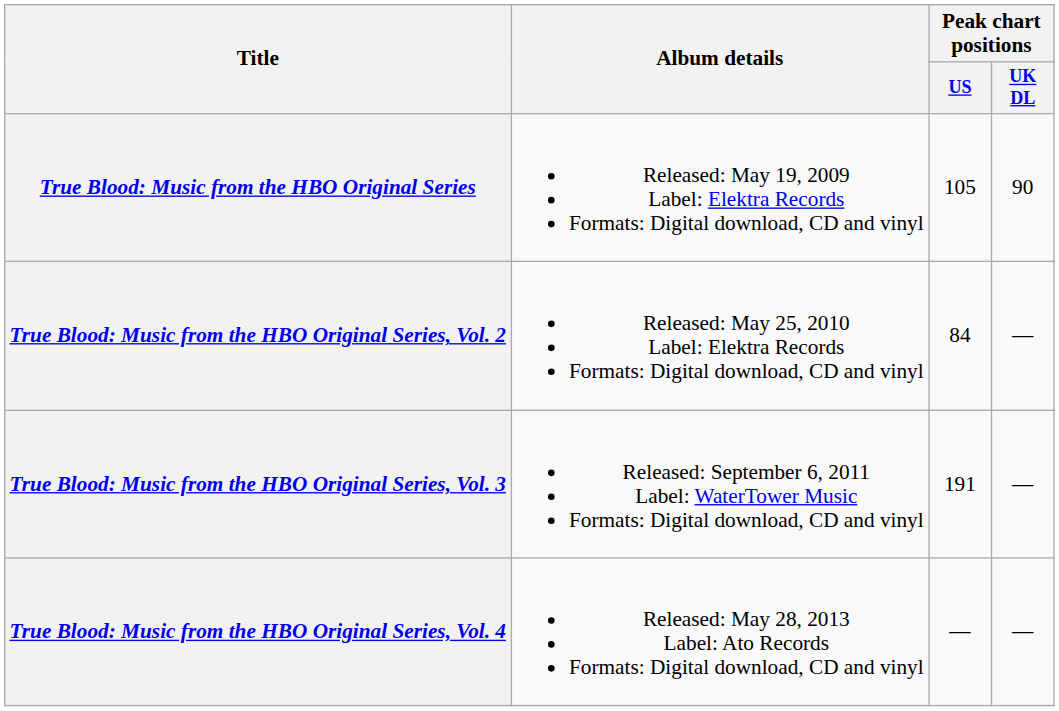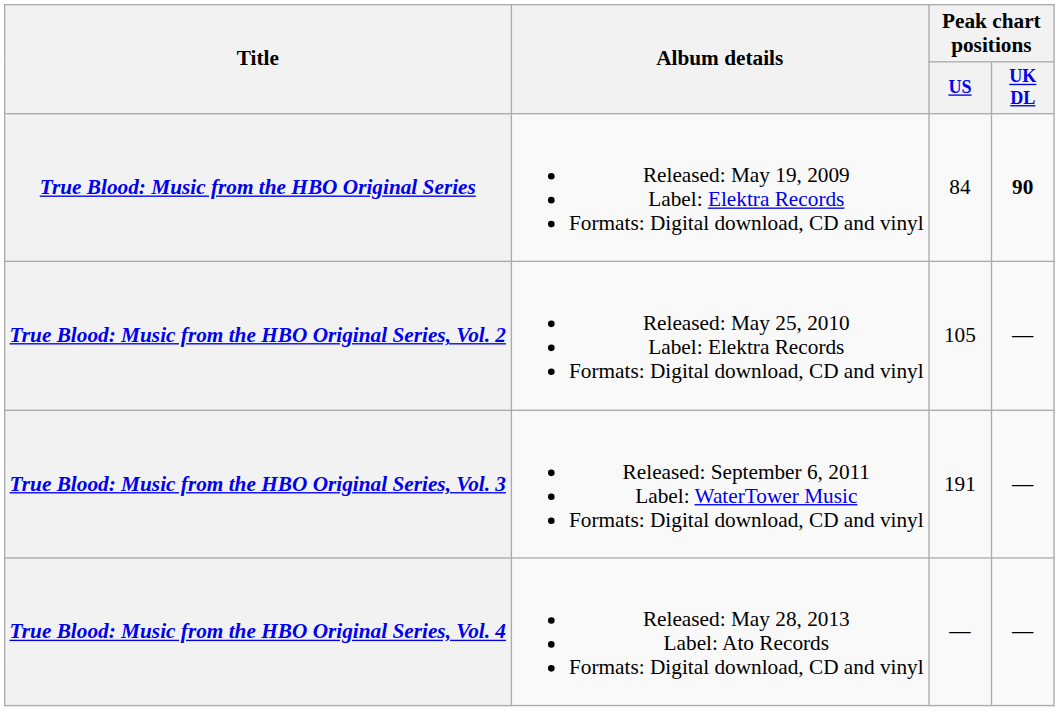 <table class="wikitable plainrowheaders" style="text-align:center;">
 <tr>
 <th rowspan="2" scope="col">Title</th>
 <th rowspan="2" scope="col">Album details</th>
 <th colspan="2" scope="col">Peak chart positions</th>
 </tr>
 <tr>
 <th scope="col" style="width:3em;font-size:85%;"><a href='#'>US</a><br></th>
 <th scope="col" style="width:3em;font-size:85%;"><a href='#'>UK<br>DL</a><br></th>
 </tr>
 <tr>
 <th scope="row"><em><a href='#'>True Blood: Music from the HBO Original Series</a></em></th>
 <td><br><ul><li>Released: May 19, 2009</li><li>Label: <a href='#'>Elektra Records</a></li><li>Formats: Digital download, CD and vinyl</li></ul></td>
-<td>105</td>
-<td>90</td>
+<td>84</td>
+<td><strong>90</strong></td>
 </tr>
 <tr>
 <th scope="row"><em><a href='#'>True Blood: Music from the HBO Original Series, Vol. 2</a></em></th>
 <td><br><ul><li>Released: May 25, 2010</li><li>Label: Elektra Records</li><li>Formats: Digital download, CD and vinyl</li></ul></td>
-<td>84</td>
+<td>105</td>
 <td>—</td>
 </tr>
 <tr>
 <th scope="row"><em><a href='#'>True Blood: Music from the HBO Original Series, Vol. 3</a></em></th>
 <td><br><ul><li>Released: September 6, 2011</li><li>Label: <a href='#'>WaterTower Music</a></li><li>Formats: Digital download, CD and vinyl</li></ul></td>
 <td>191</td>
 <td>—</td>
 </tr>
 <tr>
 <th scope="row"><em><a href='#'>True Blood: Music from the HBO Original Series, Vol. 4</a></em></th>
 <td><br><ul><li>Released: May 28, 2013</li><li>Label: Ato Records</li><li>Formats: Digital download, CD and vinyl</li></ul></td>
 <td>—</td>
 <td>—</td>
 </tr>
 </table>
